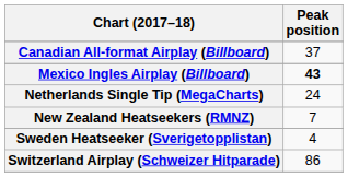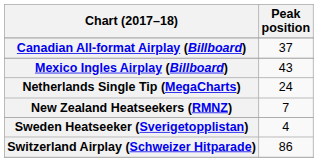 <table class="wikitable sortable plainrowheaders" style="text-align:center">
 <tr>
 <th scope="col">Chart (2017–18)</th>
 <th scope="col">Peak<br> position</th>
 </tr>
 <tr>
 </tr>
 <tr>
 </tr>
 <tr>
 <th scope="row"><a href='#'>Canadian All-format Airplay</a> (<em><a href='#'>Billboard</a></em>)</th>
 <td>37</td>
 </tr>
 <tr>
 </tr>
 <tr>
 </tr>
 <tr>
 <th scope="row"><a href='#'>Mexico Ingles Airplay</a> (<em><a href='#'>Billboard</a></em>)</th>
-<td><strong>43</strong></td>
+<td>43</td>
 </tr>
 <tr>
 <th scope="row">Netherlands Single Tip (<a href='#'>MegaCharts</a>)</th>
 <td>24</td>
 </tr>
 <tr>
 <th scope="row">New Zealand Heatseekers (<a href='#'>RMNZ</a>)</th>
 <td>7</td>
 </tr>
 <tr>
 </tr>
 <tr>
 </tr>
 <tr>
 <th scope="row">Sweden Heatseeker (<a href='#'>Sverigetopplistan</a>)</th>
 <td>4</td>
 </tr>
 <tr>
 <th scope="row">Switzerland Airplay (<a href='#'>Schweizer Hitparade</a>)</th>
 <td>86</td>
 </tr>
 <tr>
 </tr>
 <tr>
 </tr>
 <tr>
 </tr>
 <tr>
 </tr>
 </table>
